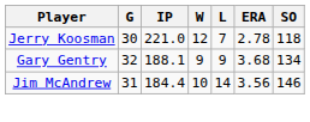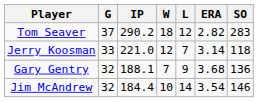 <table class="wikitable sortable">
 <tr>
 <th>Player</th>
 <th>G</th>
 <th>IP</th>
 <th>W</th>
 <th>L</th>
 <th>ERA</th>
 <th>SO</th>
 </tr>
 <tr align="center">
+<td><a href='#'>Tom Seaver</a></td>
+<td>37</td>
+<td>290.2</td>
+<td>18</td>
+<td>12</td>
+<td>2.82</td>
+<td>283</td>
+</tr>
+<tr align="center">
 <td><a href='#'>Jerry Koosman</a></td>
-<td>30</td>
+<td>33</td>
 <td>221.0</td>
 <td>12</td>
 <td>7</td>
-<td>2.78</td>
+<td>3.14</td>
 <td>118</td>
 </tr>
 <tr align="center">
 <td><a href='#'>Gary Gentry</a></td>
 <td>32</td>
 <td>188.1</td>
-<td>9</td>
+<td>7</td>
 <td>9</td>
 <td>3.68</td>
-<td>134</td>
+<td>136</td>
 </tr>
 <tr align="center">
 <td><a href='#'>Jim McAndrew</a></td>
-<td>31</td>
+<td>32</td>
 <td>184.4</td>
 <td>10</td>
 <td>14</td>
-<td>3.56</td>
+<td>3.54</td>
 <td>146</td>
 </tr>
 </table>
